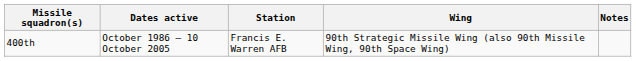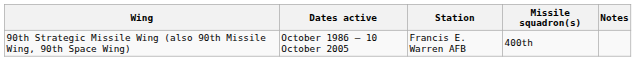 <table class="wikitable">
 <tr style="background:#efefef;">
-<th>Missile squadron(s)</th>
+<th>Wing</th>
 <th>Dates active</th>
 <th>Station</th>
-<th>Wing</th>
+<th>Missile squadron(s)</th>
 <th>Notes</th>
 </tr>
 <tr>
-<td 400th Missile Squadron>400th</td>
+<td>90th Strategic Missile Wing (also 90th Missile Wing, 90th Space Wing)</td>
 <td>October 1986 – 10 October 2005</td>
 <td>Francis E. Warren AFB</td>
-<td>90th Strategic Missile Wing (also 90th Missile Wing, 90th Space Wing)</td>
+<td 400th Missile Squadron>400th</td>
 <td></td>
 </tr>
 </table>
